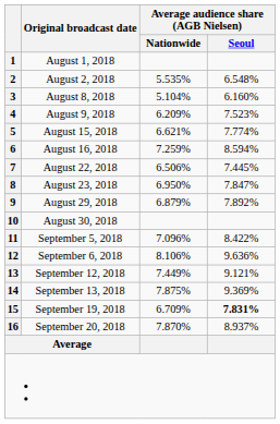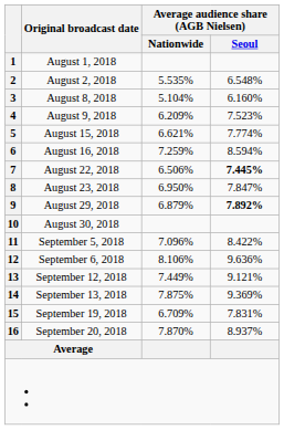 <table class="wikitable" style="text-align:center;max-width:450px; margin-left: auto; margin-right: auto; border: none;">
 <tr>
 </tr>
 <tr>
 <th rowspan="2"></th>
 <th rowspan="2">Original broadcast date</th>
 <th colspan="2">Average audience share<br>(AGB Nielsen)</th>
 </tr>
 <tr>
 <th width="90">Nationwide</th>
 <th width="90"><a href='#'>Seoul</a></th>
 </tr>
 <tr>
 <th>1</th>
 <td>August 1, 2018</td>
 <td> </td>
 <td> </td>
 </tr>
 <tr>
 <th>2</th>
 <td>August 2, 2018</td>
 <td>5.535% </td>
 <td>6.548% </td>
 </tr>
 <tr>
 <th>3</th>
 <td>August 8, 2018</td>
 <td>5.104% </td>
 <td>6.160% </td>
 </tr>
 <tr>
 <th>4</th>
 <td>August 9, 2018</td>
 <td>6.209% </td>
 <td>7.523% </td>
 </tr>
 <tr>
 <th>5</th>
 <td>August 15, 2018</td>
 <td>6.621% </td>
 <td>7.774% </td>
 </tr>
 <tr>
 <th>6</th>
 <td>August 16, 2018</td>
 <td>7.259% </td>
 <td>8.594% </td>
 </tr>
 <tr>
 <th>7</th>
 <td>August 22, 2018</td>
 <td>6.506% </td>
-<td>7.445% </td>
+<td><strong>7.445% </strong></td>
 </tr>
 <tr>
 <th>8</th>
 <td>August 23, 2018</td>
 <td>6.950% </td>
 <td>7.847% </td>
 </tr>
 <tr>
 <th>9</th>
 <td>August 29, 2018</td>
 <td>6.879% </td>
-<td>7.892% </td>
+<td><strong>7.892% </strong></td>
 </tr>
 <tr>
 <th>10</th>
 <td>August 30, 2018</td>
 <td> </td>
 <td> </td>
 </tr>
 <tr>
 <th>11</th>
 <td>September 5, 2018</td>
 <td>7.096% </td>
 <td>8.422% </td>
 </tr>
 <tr>
 <th>12</th>
 <td>September 6, 2018</td>
 <td>8.106% </td>
 <td>9.636% </td>
 </tr>
 <tr>
 <th>13</th>
 <td>September 12, 2018</td>
 <td>7.449% </td>
 <td>9.121% </td>
 </tr>
 <tr>
 <th>14</th>
 <td>September 13, 2018</td>
 <td>7.875% </td>
 <td>9.369% </td>
 </tr>
 <tr>
 <th>15</th>
 <td>September 19, 2018</td>
 <td>6.709% </td>
-<td><strong>7.831% </strong></td>
+<td>7.831% </td>
 </tr>
 <tr>
 <th>16</th>
 <td>September 20, 2018</td>
 <td>7.870% </td>
 <td>8.937% </td>
 </tr>
 <tr>
 <th colspan="2">Average</th>
 <th></th>
 <th></th>
 </tr>
 <tr>
 <td colspan="4"><br><ul><li></li><li></li></ul></td>
 </tr>
 </table>
